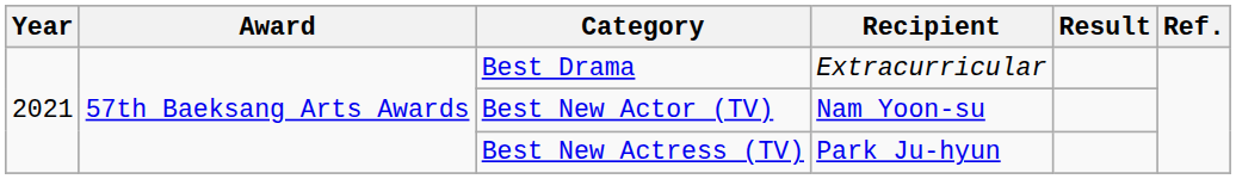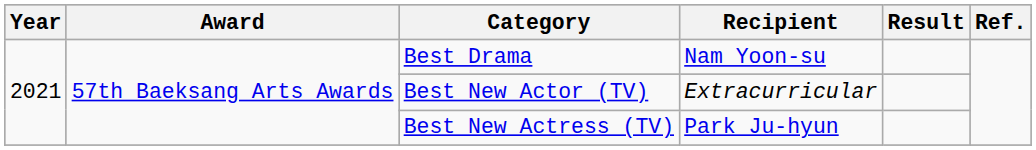 <table class="wikitable">
 <tr>
 <th>Year</th>
 <th>Award</th>
 <th>Category</th>
 <th>Recipient</th>
 <th>Result</th>
 <th>Ref.</th>
 </tr>
 <tr>
 <td rowspan="3">2021</td>
 <td rowspan="3"><a href='#'>57th Baeksang Arts Awards</a></td>
 <td><a href='#'>Best Drama</a></td>
-<td><em>Extracurricular</em></td>
+<td><a href='#'>Nam Yoon-su</a></td>
 <td></td>
 <td rowspan="3" align="center"></td>
 </tr>
 <tr>
 <td><a href='#'>Best New Actor (TV)</a></td>
-<td><a href='#'>Nam Yoon-su</a></td>
+<td><em>Extracurricular</em></td>
 <td></td>
 </tr>
 <tr>
 <td><a href='#'>Best New Actress (TV)</a></td>
 <td><a href='#'>Park Ju-hyun</a></td>
 <td></td>
 </tr>
 </table>
